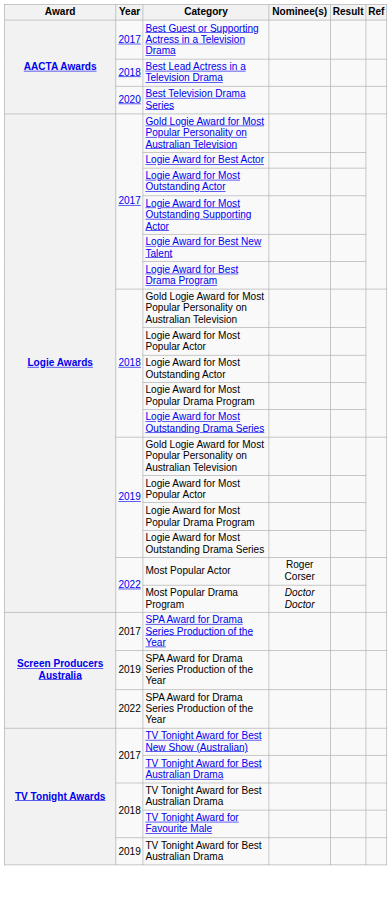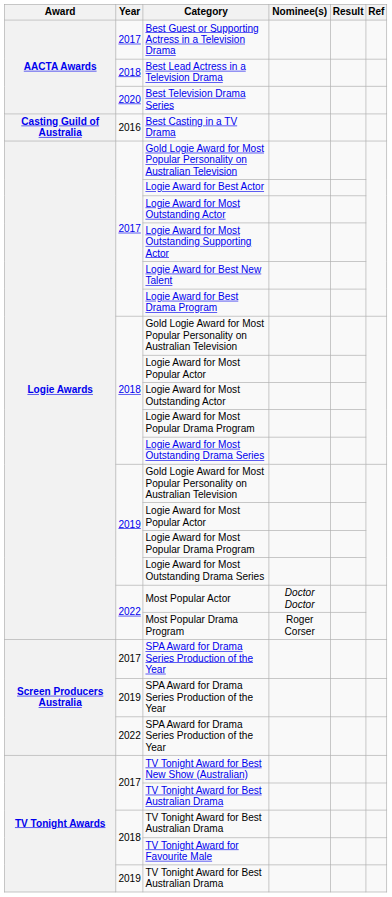 <table class="wikitable sortable plainrowheaders">
 <tr>
 <th width="170">Award</th>
 <th>Year</th>
 <th>Category</th>
 <th>Nominee(s)</th>
 <th>Result</th>
 <th>Ref</th>
 </tr>
 <tr>
 <th scope="row" rowspan="3"><a href='#'>AACTA Awards</a></th>
 <td><a href='#'>2017</a></td>
 <td><a href='#'>Best Guest or Supporting Actress in a Television Drama</a></td>
 <td></td>
 <td></td>
 <td align="center"></td>
 </tr>
 <tr>
 <td><a href='#'>2018</a></td>
 <td><a href='#'>Best Lead Actress in a Television Drama</a></td>
 <td></td>
 <td></td>
 <td align="center"></td>
 </tr>
 <tr>
 <td><a href='#'>2020</a></td>
 <td><a href='#'>Best Television Drama Series</a></td>
+<td></td>
+<td></td>
+<td align="center"></td>
+</tr>
+<tr>
+<th scope="row"><a href='#'>Casting Guild of Australia</a></th>
+<td>2016</td>
+<td><a href='#'>Best Casting in a TV Drama</a></td>
 <td></td>
 <td></td>
 <td align="center"></td>
 </tr>
 <tr>
 <th scope="row" rowspan="17"><a href='#'>Logie Awards</a></th>
 <td rowspan="6"><a href='#'>2017</a></td>
 <td><a href='#'>Gold Logie Award for Most Popular Personality on Australian Television</a></td>
 <td></td>
 <td></td>
 <td align="center" rowspan="6"></td>
 </tr>
 <tr>
 <td><a href='#'>Logie Award for Best Actor</a></td>
 <td></td>
 <td></td>
 </tr>
 <tr>
 <td><a href='#'>Logie Award for Most Outstanding Actor</a></td>
 <td></td>
 <td></td>
 </tr>
 <tr>
 <td><a href='#'>Logie Award for Most Outstanding Supporting Actor</a></td>
 <td></td>
 <td></td>
 </tr>
 <tr>
 <td><a href='#'>Logie Award for Best New Talent</a></td>
 <td></td>
 <td></td>
 </tr>
 <tr>
 <td><a href='#'>Logie Award for Best Drama Program</a></td>
 <td></td>
 <td></td>
 </tr>
 <tr>
 <td rowspan="5"><a href='#'>2018</a></td>
 <td>Gold Logie Award for Most Popular Personality on Australian Television</td>
 <td></td>
 <td></td>
 <td align="center" rowspan="5"></td>
 </tr>
 <tr>
 <td>Logie Award for Most Popular Actor</td>
 <td></td>
 <td></td>
 </tr>
 <tr>
 <td>Logie Award for Most Outstanding Actor</td>
 <td></td>
 <td></td>
 </tr>
 <tr>
 <td>Logie Award for Most Popular Drama Program</td>
 <td></td>
 <td></td>
 </tr>
 <tr>
 <td><a href='#'>Logie Award for Most Outstanding Drama Series</a></td>
 <td></td>
 <td></td>
 </tr>
 <tr>
 <td rowspan="4"><a href='#'>2019</a></td>
 <td>Gold Logie Award for Most Popular Personality on Australian Television</td>
 <td></td>
 <td></td>
 <td align="center" rowspan="4"></td>
 </tr>
 <tr>
 <td>Logie Award for Most Popular Actor</td>
 <td></td>
 <td></td>
 </tr>
 <tr>
 <td>Logie Award for Most Popular Drama Program</td>
 <td></td>
 <td></td>
 </tr>
 <tr>
 <td>Logie Award for Most Outstanding Drama Series</td>
 <td></td>
 <td></td>
 </tr>
 <tr>
 <td rowspan="2"><a href='#'>2022</a></td>
 <td>Most Popular Actor</td>
-<td align="center">Roger Corser</td>
+<td align="center"><em>Doctor Doctor</em></td>
 <td></td>
 <td align="center" rowspan="2"></td>
 </tr>
 <tr>
 <td>Most Popular Drama Program</td>
-<td align="center"><em>Doctor Doctor</em></td>
+<td align="center">Roger Corser</td>
 <td></td>
 </tr>
 <tr>
 <th scope="row" rowspan="3"><a href='#'>Screen Producers Australia</a></th>
 <td>2017</td>
 <td><a href='#'>SPA Award for Drama Series Production of the Year</a></td>
 <td></td>
 <td></td>
 <td align="center"></td>
 </tr>
 <tr>
 <td>2019</td>
 <td>SPA Award for Drama Series Production of the Year</td>
 <td></td>
 <td></td>
 <td align="center"></td>
 </tr>
 <tr>
 <td>2022</td>
 <td>SPA Award for Drama Series Production of the Year</td>
 <td></td>
 <td></td>
 <td align="center"></td>
 </tr>
 <tr>
 <th scope="row" rowspan="5"><a href='#'>TV Tonight Awards</a></th>
 <td rowspan="2">2017</td>
 <td><a href='#'>TV Tonight Award for Best New Show (Australian)</a></td>
 <td></td>
 <td></td>
 <td align="center"></td>
 </tr>
 <tr>
 <td><a href='#'>TV Tonight Award for Best Australian Drama</a></td>
 <td></td>
 <td></td>
 <td align="center"></td>
 </tr>
 <tr>
 <td rowspan="2">2018</td>
 <td>TV Tonight Award for Best Australian Drama</td>
 <td></td>
 <td></td>
 <td align="center"></td>
 </tr>
 <tr>
 <td><a href='#'>TV Tonight Award for Favourite Male</a></td>
 <td></td>
 <td></td>
 <td align="center"></td>
 </tr>
 <tr>
 <td>2019</td>
 <td>TV Tonight Award for Best Australian Drama</td>
 <td></td>
 <td></td>
 <td align="center"></td>
 </tr>
 </table>
